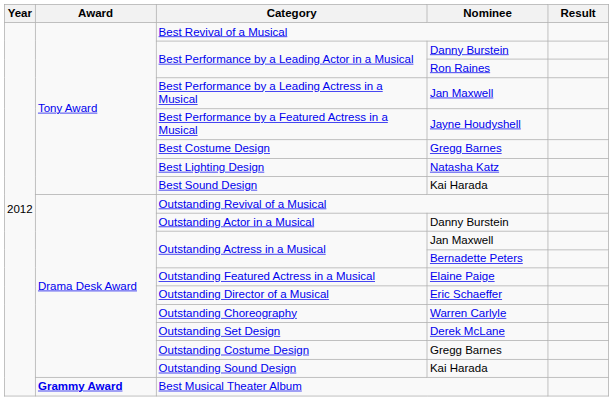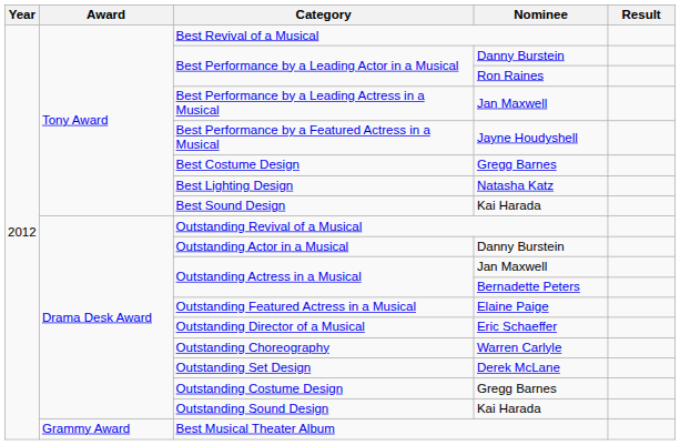 <table class="wikitable" width="95%">
 <tr>
 <th width="5%">Year</th>
 <th width="20%">Award</th>
 <th width="45%">Category</th>
 <th width="20%">Nominee</th>
 <th width="10%">Result</th>
 </tr>
 <tr>
 <td rowspan="24" align="center">2012</td>
 <td rowspan="8"><a href='#'>Tony Award</a></td>
 <td colspan="2"><a href='#'>Best Revival of a Musical</a></td>
 <td></td>
 </tr>
 <tr>
 <td rowspan="2"><a href='#'>Best Performance by a Leading Actor in a Musical</a></td>
 <td><a href='#'>Danny Burstein</a></td>
 <td></td>
 </tr>
 <tr>
 <td><a href='#'>Ron Raines</a></td>
 <td></td>
 </tr>
 <tr>
 <td><a href='#'>Best Performance by a Leading Actress in a Musical</a></td>
 <td><a href='#'>Jan Maxwell</a></td>
 <td></td>
 </tr>
 <tr>
 <td><a href='#'>Best Performance by a Featured Actress in a Musical</a></td>
 <td><a href='#'>Jayne Houdyshell</a></td>
 <td></td>
 </tr>
 <tr>
 <td><a href='#'>Best Costume Design</a></td>
 <td><a href='#'>Gregg Barnes</a></td>
 <td></td>
 </tr>
 <tr>
 <td><a href='#'>Best Lighting Design</a></td>
 <td><a href='#'>Natasha Katz</a></td>
 <td></td>
 </tr>
 <tr>
 <td><a href='#'>Best Sound Design</a></td>
 <td>Kai Harada</td>
 <td></td>
 </tr>
 <tr>
 <td rowspan="10"><a href='#'>Drama Desk Award</a></td>
 <td colspan="2"><a href='#'>Outstanding Revival of a Musical</a></td>
 <td></td>
 </tr>
 <tr>
 <td><a href='#'>Outstanding Actor in a Musical</a></td>
 <td>Danny Burstein</td>
 <td></td>
 </tr>
 <tr>
 <td rowspan="2"><a href='#'>Outstanding Actress in a Musical</a></td>
 <td>Jan Maxwell</td>
 <td></td>
 </tr>
 <tr>
 <td><a href='#'>Bernadette Peters</a></td>
 <td></td>
 </tr>
 <tr>
 <td><a href='#'>Outstanding Featured Actress in a Musical</a></td>
 <td><a href='#'>Elaine Paige</a></td>
 <td></td>
 </tr>
 <tr>
 <td><a href='#'>Outstanding Director of a Musical</a></td>
 <td><a href='#'>Eric Schaeffer</a></td>
 <td></td>
 </tr>
 <tr>
 <td><a href='#'>Outstanding Choreography</a></td>
 <td><a href='#'>Warren Carlyle</a></td>
 <td></td>
 </tr>
 <tr>
 <td><a href='#'>Outstanding Set Design</a></td>
 <td><a href='#'>Derek McLane</a></td>
 <td></td>
 </tr>
 <tr>
 <td><a href='#'>Outstanding Costume Design</a></td>
 <td>Gregg Barnes</td>
 <td></td>
 </tr>
 <tr>
 <td><a href='#'>Outstanding Sound Design</a></td>
 <td>Kai Harada</td>
 <td></td>
 </tr>
 <tr>
-<td><strong><a href='#'>Grammy Award</a></strong></td>
+<td><a href='#'>Grammy Award</a></td>
 <td colspan="2"><a href='#'>Best Musical Theater Album</a></td>
 <td></td>
 </tr>
 </table>
